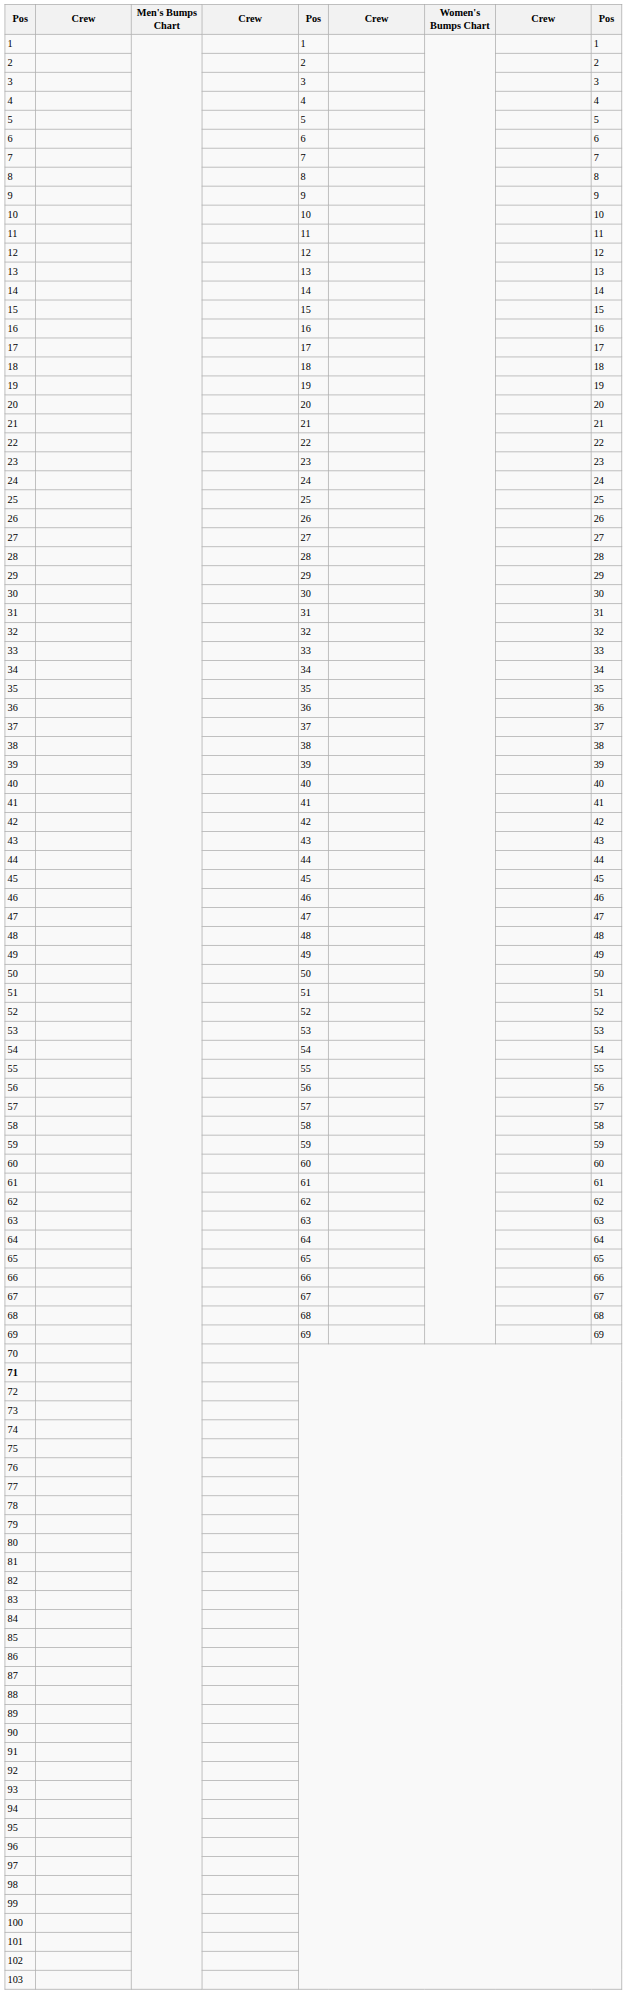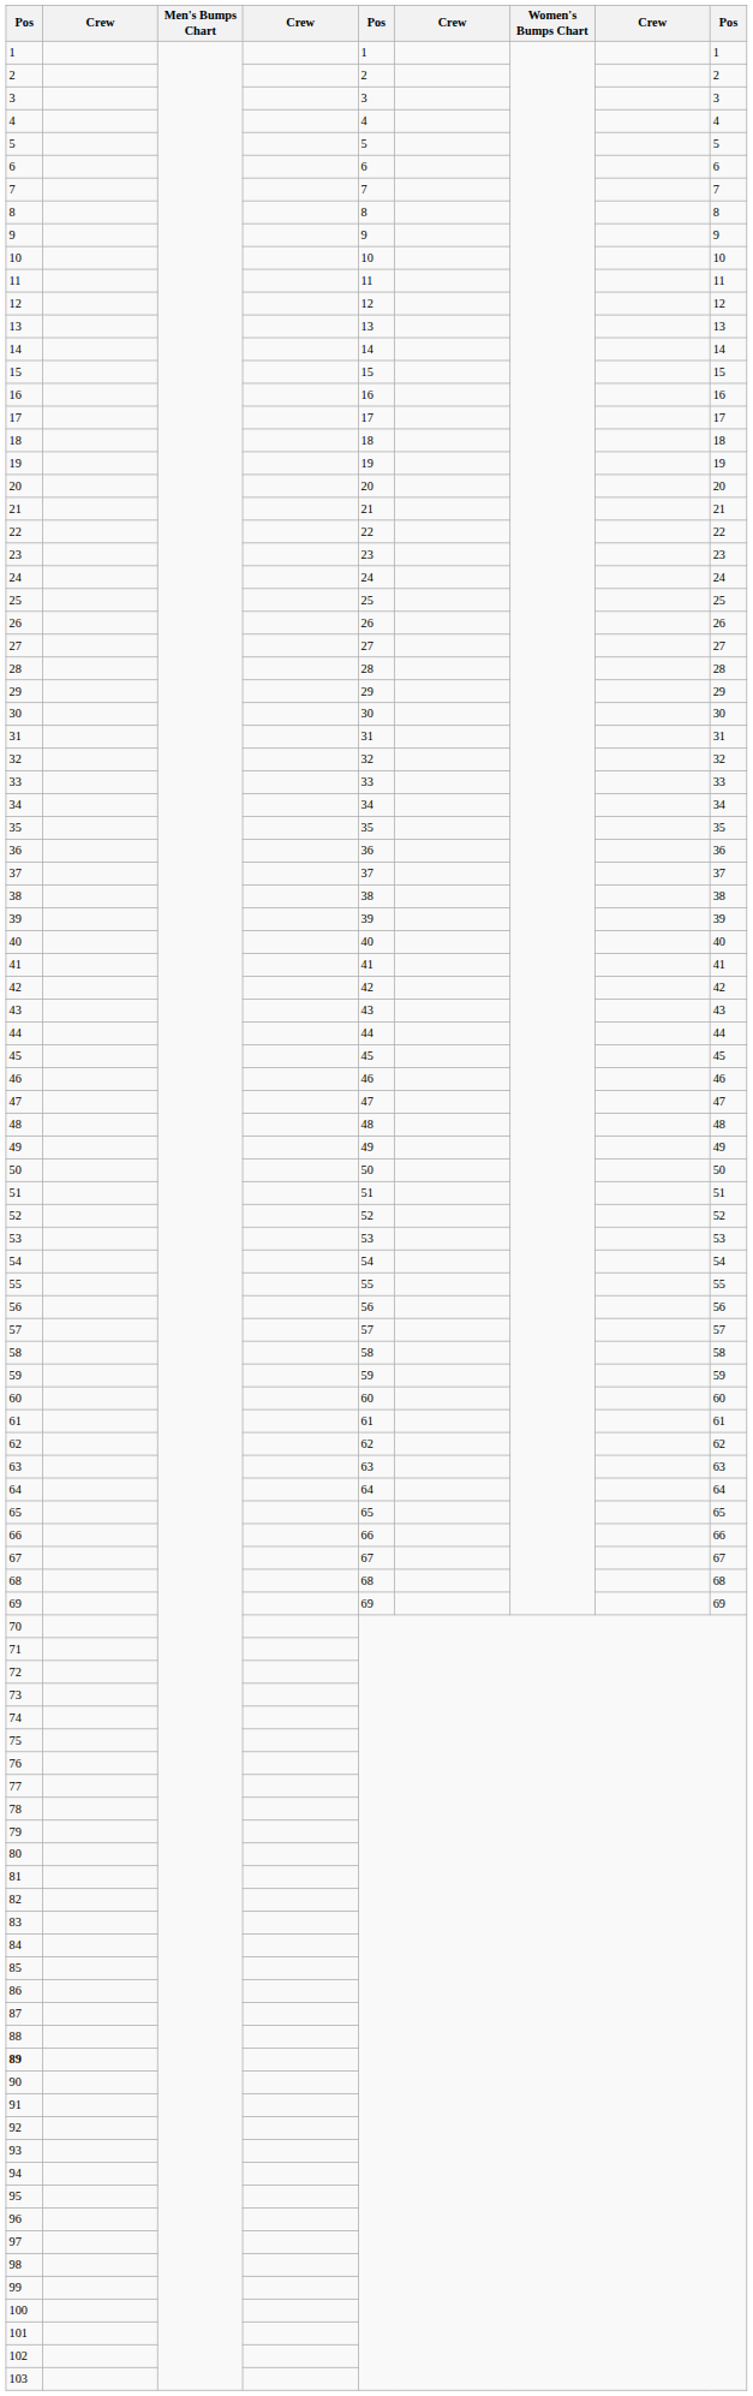 <table class="wikitable" style="font-size:88%; white-space:nowrap; margin:0.5em auto">
 <tr style="white-space:normal">
 <th width=35>Pos</th>
 <th width=125>Crew</th>
 <th width=90>Men's Bumps Chart</th>
 <th width=125>Crew</th>
 <th width=35>Pos</th>
 <th width=125>Crew</th>
 <th width=90>Women's Bumps Chart</th>
 <th width=125>Crew</th>
 <th width=35>Pos</th>
 </tr>
 <tr style="height:26px">
 <td>1</td>
 <td></td>
 <td rowspan="103" style="padding:0"></td>
 <td></td>
 <td>1</td>
 <td></td>
 <td rowspan="69" style="padding:0"></td>
 <td></td>
 <td>1</td>
 </tr>
 <tr style="height:26px">
 <td>2</td>
 <td></td>
 <td></td>
 <td>2</td>
 <td></td>
 <td></td>
 <td>2</td>
 </tr>
 <tr style="height:26px">
 <td>3</td>
 <td></td>
 <td></td>
 <td>3</td>
 <td></td>
 <td></td>
 <td>3</td>
 </tr>
 <tr style="height:26px">
 <td>4</td>
 <td></td>
 <td></td>
 <td>4</td>
 <td></td>
 <td></td>
 <td>4</td>
 </tr>
 <tr style="height:26px">
 <td>5</td>
 <td></td>
 <td></td>
 <td>5</td>
 <td></td>
 <td></td>
 <td>5</td>
 </tr>
 <tr style="height:26px">
 <td>6</td>
 <td></td>
 <td></td>
 <td>6</td>
 <td></td>
 <td></td>
 <td>6</td>
 </tr>
 <tr style="height:26px">
 <td>7</td>
 <td></td>
 <td></td>
 <td>7</td>
 <td></td>
 <td></td>
 <td>7</td>
 </tr>
 <tr style="height:26px">
 <td>8</td>
 <td></td>
 <td></td>
 <td>8</td>
 <td></td>
 <td></td>
 <td>8</td>
 </tr>
 <tr style="height:26px">
 <td>9</td>
 <td></td>
 <td></td>
 <td>9</td>
 <td></td>
 <td></td>
 <td>9</td>
 </tr>
 <tr style="height:26px">
 <td>10</td>
 <td></td>
 <td></td>
 <td>10</td>
 <td></td>
 <td></td>
 <td>10</td>
 </tr>
 <tr style="height:26px">
 <td>11</td>
 <td></td>
 <td></td>
 <td>11</td>
 <td></td>
 <td></td>
 <td>11</td>
 </tr>
 <tr style="height:26px">
 <td>12</td>
 <td></td>
 <td></td>
 <td>12</td>
 <td></td>
 <td></td>
 <td>12</td>
 </tr>
 <tr style="height:26px">
 <td>13</td>
 <td></td>
 <td></td>
 <td>13</td>
 <td></td>
 <td></td>
 <td>13</td>
 </tr>
 <tr style="height:26px">
 <td>14</td>
 <td></td>
 <td></td>
 <td>14</td>
 <td></td>
 <td></td>
 <td>14</td>
 </tr>
 <tr style="height:26px">
 <td>15</td>
 <td></td>
 <td></td>
 <td>15</td>
 <td></td>
 <td></td>
 <td>15</td>
 </tr>
 <tr style="height:26px">
 <td>16</td>
 <td></td>
 <td></td>
 <td>16</td>
 <td></td>
 <td></td>
 <td>16</td>
 </tr>
 <tr style="height:26px">
 <td>17</td>
 <td></td>
 <td></td>
 <td>17</td>
 <td></td>
 <td></td>
 <td>17</td>
 </tr>
 <tr style="height:26px">
 <td>18</td>
 <td></td>
 <td></td>
 <td>18</td>
 <td></td>
 <td></td>
 <td>18</td>
 </tr>
 <tr style="height:26px">
 <td>19</td>
 <td></td>
 <td></td>
 <td>19</td>
 <td></td>
 <td></td>
 <td>19</td>
 </tr>
 <tr style="height:26px">
 <td>20</td>
 <td></td>
 <td></td>
 <td>20</td>
 <td></td>
 <td></td>
 <td>20</td>
 </tr>
 <tr style="height:26px">
 <td>21</td>
 <td></td>
 <td></td>
 <td>21</td>
 <td></td>
 <td></td>
 <td>21</td>
 </tr>
 <tr style="height:26px">
 <td>22</td>
 <td></td>
 <td></td>
 <td>22</td>
 <td></td>
 <td></td>
 <td>22</td>
 </tr>
 <tr style="height:26px">
 <td>23</td>
 <td></td>
 <td></td>
 <td>23</td>
 <td></td>
 <td></td>
 <td>23</td>
 </tr>
 <tr style="height:26px">
 <td>24</td>
 <td></td>
 <td></td>
 <td>24</td>
 <td></td>
 <td></td>
 <td>24</td>
 </tr>
 <tr style="height:26px">
 <td>25</td>
 <td></td>
 <td></td>
 <td>25</td>
 <td></td>
 <td></td>
 <td>25</td>
 </tr>
 <tr style="height:26px">
 <td>26</td>
 <td></td>
 <td></td>
 <td>26</td>
 <td></td>
 <td></td>
 <td>26</td>
 </tr>
 <tr style="height:26px">
 <td>27</td>
 <td></td>
 <td></td>
 <td>27</td>
 <td></td>
 <td></td>
 <td>27</td>
 </tr>
 <tr style="height:26px">
 <td>28</td>
 <td></td>
 <td></td>
 <td>28</td>
 <td></td>
 <td></td>
 <td>28</td>
 </tr>
 <tr style="height:26px">
 <td>29</td>
 <td></td>
 <td></td>
 <td>29</td>
 <td></td>
 <td></td>
 <td>29</td>
 </tr>
 <tr style="height:26px">
 <td>30</td>
 <td></td>
 <td></td>
 <td>30</td>
 <td></td>
 <td></td>
 <td>30</td>
 </tr>
 <tr style="height:26px">
 <td>31</td>
 <td></td>
 <td></td>
 <td>31</td>
 <td></td>
 <td></td>
 <td>31</td>
 </tr>
 <tr style="height:26px">
 <td>32</td>
 <td></td>
 <td></td>
 <td>32</td>
 <td></td>
 <td></td>
 <td>32</td>
 </tr>
 <tr style="height:26px">
 <td>33</td>
 <td></td>
 <td></td>
 <td>33</td>
 <td></td>
 <td></td>
 <td>33</td>
 </tr>
 <tr style="height:26px">
 <td>34</td>
 <td></td>
 <td></td>
 <td>34</td>
 <td></td>
 <td></td>
 <td>34</td>
 </tr>
 <tr style="height:26px">
 <td>35</td>
 <td></td>
 <td></td>
 <td>35</td>
 <td></td>
 <td></td>
 <td>35</td>
 </tr>
 <tr style="height:26px">
 <td>36</td>
 <td></td>
 <td></td>
 <td>36</td>
 <td></td>
 <td></td>
 <td>36</td>
 </tr>
 <tr style="height:26px">
 <td>37</td>
 <td></td>
 <td></td>
 <td>37</td>
 <td></td>
 <td></td>
 <td>37</td>
 </tr>
 <tr style="height:26px">
 <td>38</td>
 <td></td>
 <td></td>
 <td>38</td>
 <td></td>
 <td></td>
 <td>38</td>
 </tr>
 <tr style="height:26px">
 <td>39</td>
 <td></td>
 <td></td>
 <td>39</td>
 <td></td>
 <td></td>
 <td>39</td>
 </tr>
 <tr style="height:26px">
 <td>40</td>
 <td></td>
 <td></td>
 <td>40</td>
 <td></td>
 <td></td>
 <td>40</td>
 </tr>
 <tr style="height:26px">
 <td>41</td>
 <td></td>
 <td></td>
 <td>41</td>
 <td></td>
 <td></td>
 <td>41</td>
 </tr>
 <tr style="height:26px">
 <td>42</td>
 <td></td>
 <td></td>
 <td>42</td>
 <td></td>
 <td></td>
 <td>42</td>
 </tr>
 <tr style="height:26px">
 <td>43</td>
 <td></td>
 <td></td>
 <td>43</td>
 <td></td>
 <td></td>
 <td>43</td>
 </tr>
 <tr style="height:26px">
 <td>44</td>
 <td></td>
 <td></td>
 <td>44</td>
 <td></td>
 <td></td>
 <td>44</td>
 </tr>
 <tr style="height:26px">
 <td>45</td>
 <td></td>
 <td></td>
 <td>45</td>
 <td></td>
 <td></td>
 <td>45</td>
 </tr>
 <tr style="height:26px">
 <td>46</td>
 <td></td>
 <td></td>
 <td>46</td>
 <td></td>
 <td></td>
 <td>46</td>
 </tr>
 <tr style="height:26px">
 <td>47</td>
 <td></td>
 <td></td>
 <td>47</td>
 <td></td>
 <td></td>
 <td>47</td>
 </tr>
 <tr style="height:26px">
 <td>48</td>
 <td></td>
 <td></td>
 <td>48</td>
 <td></td>
 <td></td>
 <td>48</td>
 </tr>
 <tr style="height:26px">
 <td>49</td>
 <td></td>
 <td></td>
 <td>49</td>
 <td></td>
 <td></td>
 <td>49</td>
 </tr>
 <tr style="height:26px">
 <td>50</td>
 <td></td>
 <td></td>
 <td>50</td>
 <td></td>
 <td></td>
 <td>50</td>
 </tr>
 <tr style="height:26px">
 <td>51</td>
 <td></td>
 <td></td>
 <td>51</td>
 <td></td>
 <td></td>
 <td>51</td>
 </tr>
 <tr style="height:26px">
 <td>52</td>
 <td></td>
 <td></td>
 <td>52</td>
 <td></td>
 <td></td>
 <td>52</td>
 </tr>
 <tr style="height:26px">
 <td>53</td>
 <td></td>
 <td></td>
 <td>53</td>
 <td></td>
 <td></td>
 <td>53</td>
 </tr>
 <tr style="height:26px">
 <td>54</td>
 <td></td>
 <td></td>
 <td>54</td>
 <td></td>
 <td></td>
 <td>54</td>
 </tr>
 <tr style="height:26px">
 <td>55</td>
 <td></td>
 <td></td>
 <td>55</td>
 <td></td>
 <td></td>
 <td>55</td>
 </tr>
 <tr style="height:26px">
 <td>56</td>
 <td></td>
 <td></td>
 <td>56</td>
 <td></td>
 <td></td>
 <td>56</td>
 </tr>
 <tr style="height:26px">
 <td>57</td>
 <td></td>
 <td></td>
 <td>57</td>
 <td></td>
 <td></td>
 <td>57</td>
 </tr>
 <tr style="height:26px">
 <td>58</td>
 <td></td>
 <td></td>
 <td>58</td>
 <td></td>
 <td></td>
 <td>58</td>
 </tr>
 <tr style="height:26px">
 <td>59</td>
 <td></td>
 <td></td>
 <td>59</td>
 <td></td>
 <td></td>
 <td>59</td>
 </tr>
 <tr style="height:26px">
 <td>60</td>
 <td></td>
 <td></td>
 <td>60</td>
 <td></td>
 <td></td>
 <td>60</td>
 </tr>
 <tr style="height:26px">
 <td>61</td>
 <td></td>
 <td></td>
 <td>61</td>
 <td></td>
 <td></td>
 <td>61</td>
 </tr>
 <tr style="height:26px">
 <td>62</td>
 <td></td>
 <td></td>
 <td>62</td>
 <td></td>
 <td></td>
 <td>62</td>
 </tr>
 <tr style="height:26px">
 <td>63</td>
 <td></td>
 <td></td>
 <td>63</td>
 <td></td>
 <td></td>
 <td>63</td>
 </tr>
 <tr style="height:26px">
 <td>64</td>
 <td></td>
 <td></td>
 <td>64</td>
 <td></td>
 <td></td>
 <td>64</td>
 </tr>
 <tr style="height:26px">
 <td>65</td>
 <td></td>
 <td></td>
 <td>65</td>
 <td></td>
 <td></td>
 <td>65</td>
 </tr>
 <tr style="height:26px">
 <td>66</td>
 <td></td>
 <td></td>
 <td>66</td>
 <td></td>
 <td></td>
 <td>66</td>
 </tr>
 <tr style="height:26px">
 <td>67</td>
 <td></td>
 <td></td>
 <td>67</td>
 <td></td>
 <td></td>
 <td>67</td>
 </tr>
 <tr style="height:26px">
 <td>68</td>
 <td></td>
 <td></td>
 <td>68</td>
 <td></td>
 <td></td>
 <td>68</td>
 </tr>
 <tr style="height:26px">
 <td>69</td>
 <td></td>
 <td></td>
 <td>69</td>
 <td></td>
 <td></td>
 <td>69</td>
 </tr>
 <tr style="height:26px">
 <td>70</td>
 <td></td>
 <td></td>
 <td colspan="5" rowspan="34"> </td>
 </tr>
 <tr style="height:26px">
-<td><strong>71</strong></td>
+<td>71</td>
 <td></td>
 <td></td>
 </tr>
 <tr style="height:26px">
 <td>72</td>
 <td></td>
 <td></td>
 </tr>
 <tr style="height:26px">
 <td>73</td>
 <td></td>
 <td></td>
 </tr>
 <tr style="height:26px">
 <td>74</td>
 <td></td>
 <td></td>
 </tr>
 <tr style="height:26px">
 <td>75</td>
 <td></td>
 <td></td>
 </tr>
 <tr style="height:26px">
 <td>76</td>
 <td></td>
 <td></td>
 </tr>
 <tr style="height:26px">
 <td>77</td>
 <td></td>
 <td></td>
 </tr>
 <tr style="height:26px">
 <td>78</td>
 <td></td>
 <td></td>
 </tr>
 <tr style="height:26px">
 <td>79</td>
 <td></td>
 <td></td>
 </tr>
 <tr style="height:26px">
 <td>80</td>
 <td></td>
 <td></td>
 </tr>
 <tr style="height:26px">
 <td>81</td>
 <td></td>
 <td></td>
 </tr>
 <tr style="height:26px">
 <td>82</td>
 <td></td>
 <td></td>
 </tr>
 <tr style="height:26px">
 <td>83</td>
 <td></td>
 <td></td>
 </tr>
 <tr style="height:26px">
 <td>84</td>
 <td></td>
 <td></td>
 </tr>
 <tr style="height:26px">
 <td>85</td>
 <td></td>
 <td></td>
 </tr>
 <tr style="height:26px">
 <td>86</td>
 <td></td>
 <td></td>
 </tr>
 <tr style="height:26px">
 <td>87</td>
 <td></td>
 <td></td>
 </tr>
 <tr style="height:26px">
 <td>88</td>
 <td></td>
 <td></td>
 </tr>
 <tr style="height:26px">
-<td>89</td>
+<td><strong>89</strong></td>
 <td></td>
 <td></td>
 </tr>
 <tr style="height:26px">
 <td>90</td>
 <td></td>
 <td></td>
 </tr>
 <tr style="height:26px">
 <td>91</td>
 <td></td>
 <td></td>
 </tr>
 <tr style="height:26px">
 <td>92</td>
 <td></td>
 <td></td>
 </tr>
 <tr style="height:26px">
 <td>93</td>
 <td></td>
 <td></td>
 </tr>
 <tr style="height:26px">
 <td>94</td>
 <td></td>
 <td></td>
 </tr>
 <tr style="height:26px">
 <td>95</td>
 <td></td>
 <td></td>
 </tr>
 <tr style="height:26px">
 <td>96</td>
 <td></td>
 <td></td>
 </tr>
 <tr style="height:26px">
 <td>97</td>
 <td></td>
 <td></td>
 </tr>
 <tr style="height:26px">
 <td>98</td>
 <td></td>
 <td></td>
 </tr>
 <tr style="height:26px">
 <td>99</td>
 <td></td>
 <td></td>
 </tr>
 <tr style="height:26px">
 <td>100</td>
 <td></td>
 <td></td>
 </tr>
 <tr style="height:26px">
 <td>101</td>
 <td></td>
 <td></td>
 </tr>
 <tr style="height:26px">
 <td>102</td>
 <td></td>
 <td></td>
 </tr>
 <tr style="height:26px">
 <td>103</td>
 <td></td>
 <td></td>
 </tr>
 </table>
